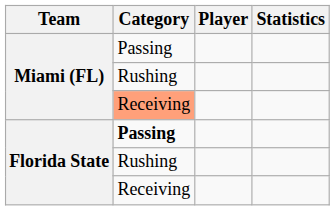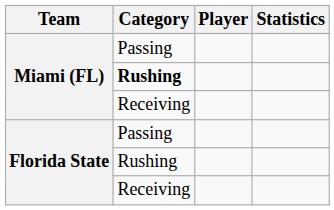 <table class="wikitable" style="float:right">
 <tr>
 <th>Team</th>
 <th>Category</th>
 <th>Player</th>
 <th>Statistics</th>
 </tr>
 <tr>
 <th rowspan=3>Miami (FL)</th>
 <td>Passing</td>
 <td></td>
 <td></td>
 </tr>
 <tr>
-<td>Rushing</td>
+<td><strong>Rushing</strong></td>
 <td></td>
 <td></td>
 </tr>
 <tr>
-<td style="background: lightsalmon;">Receiving</td>
+<td>Receiving</td>
 <td></td>
 <td></td>
 </tr>
 <tr>
 <th rowspan=3>Florida State</th>
-<td><strong>Passing</strong></td>
+<td>Passing</td>
 <td></td>
 <td></td>
 </tr>
 <tr>
 <td>Rushing</td>
 <td></td>
 <td></td>
 </tr>
 <tr>
 <td>Receiving</td>
 <td></td>
 <td></td>
 </tr>
 </table>
